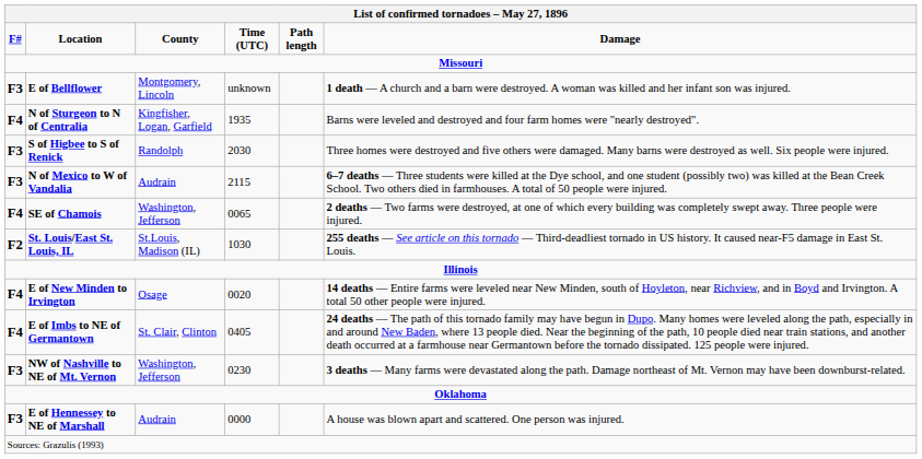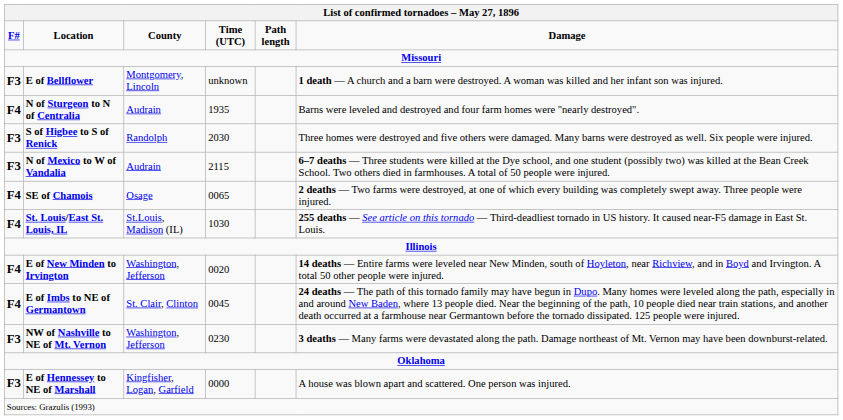 <table class="wikitable toccolours collapsible" style="width:100%;">
 <tr>
 <th colspan="6">List of confirmed tornadoes – May 27, 1896</th>
 </tr>
 <tr style="text-align:center;">
 <td><strong><a href='#'>F#</a></strong></td>
 <td><strong>Location</strong></td>
 <td><strong>County</strong></td>
 <td><strong>Time (UTC)</strong></td>
 <td><strong>Path length</strong></td>
 <td><strong>Damage</strong></td>
 </tr>
 <tr>
 <td colspan="7" style="text-align:center;"><strong><a href='#'>Missouri</a></strong></td>
 </tr>
 <tr>
 <td><big><strong>F3</strong></big></td>
 <td><strong>E of <a href='#'>Bellflower</a></strong></td>
 <td><a href='#'>Montgomery</a>, <a href='#'>Lincoln</a></td>
 <td>unknown</td>
 <td></td>
 <td><strong>1 death</strong> — A church and a barn were destroyed. A woman was killed and her infant son was injured.</td>
 </tr>
 <tr>
 <td><big><strong>F4</strong></big></td>
 <td><strong>N of <a href='#'>Sturgeon</a> to N of <a href='#'>Centralia</a></strong></td>
-<td><a href='#'>Kingfisher</a>, <a href='#'>Logan</a>, <a href='#'>Garfield</a></td>
+<td><a href='#'>Audrain</a></td>
 <td>1935</td>
 <td></td>
 <td>Barns were leveled and destroyed and four farm homes were "nearly destroyed".</td>
 </tr>
 <tr>
 <td><big><strong>F3</strong></big></td>
 <td><strong>S of <a href='#'>Higbee</a> to S of <a href='#'>Renick</a></strong></td>
 <td><a href='#'>Randolph</a></td>
 <td>2030</td>
 <td></td>
 <td>Three homes were destroyed and five others were damaged. Many barns were destroyed as well. Six people were injured.</td>
 </tr>
 <tr>
 <td><big><strong>F3</strong></big></td>
 <td><strong>N of <a href='#'>Mexico</a> to W of <a href='#'>Vandalia</a></strong></td>
 <td><a href='#'>Audrain</a></td>
 <td>2115</td>
 <td></td>
 <td><strong>6–7 deaths</strong> — Three students were killed at the Dye school, and one student (possibly two) was killed at the Bean Creek School. Two others died in farmhouses. A total of 50 people were injured.</td>
 </tr>
 <tr>
 <td><big><strong>F4</strong></big></td>
 <td><strong>SE of <a href='#'>Chamois</a></strong></td>
-<td><a href='#'>Washington</a>, <a href='#'>Jefferson</a></td>
+<td><a href='#'>Osage</a></td>
 <td>0065</td>
 <td></td>
 <td><strong>2 deaths</strong> — Two farms were destroyed, at one of which every building was completely swept away. Three people were injured.</td>
 </tr>
 <tr>
-<td><big><strong>F2</strong></big></td>
+<td><big><strong>F4</strong></big></td>
 <td><strong><a href='#'>St. Louis</a>/<a href='#'>East St. Louis, IL</a></strong></td>
 <td><a href='#'>St.Louis</a>, <a href='#'>Madison</a> (IL)</td>
 <td>1030</td>
 <td></td>
 <td><strong>255 deaths</strong> — <em><a href='#'>See article on this tornado</a></em> — Third-deadliest tornado in US history. It caused near-F5 damage in East St. Louis.</td>
 </tr>
 <tr>
 <td colspan="7" style="text-align:center;"><strong><a href='#'>Illinois</a></strong></td>
 </tr>
 <tr>
 <td><big><strong>F4</strong></big></td>
 <td><strong>E of <a href='#'>New Minden</a> to <a href='#'>Irvington</a></strong></td>
-<td><a href='#'>Osage</a></td>
+<td><a href='#'>Washington</a>, <a href='#'>Jefferson</a></td>
 <td>0020</td>
 <td></td>
 <td><strong>14 deaths</strong> — Entire farms were leveled near New Minden, south of <a href='#'>Hoyleton</a>, near <a href='#'>Richview</a>, and in <a href='#'>Boyd</a> and Irvington. A total 50 other people were injured.</td>
 </tr>
 <tr>
 <td><big><strong>F4</strong></big></td>
 <td><strong>E of <a href='#'>Imbs</a> to NE of <a href='#'>Germantown</a></strong></td>
 <td><a href='#'>St. Clair</a>, <a href='#'>Clinton</a></td>
-<td>0405</td>
+<td>0045</td>
 <td></td>
 <td><strong>24 deaths</strong> — The path of this tornado family may have begun in <a href='#'>Dupo</a>. Many homes were leveled along the path, especially in and around <a href='#'>New Baden</a>, where 13 people died. Near the beginning of the path, 10 people died near train stations, and another death occurred at a farmhouse near Germantown before the tornado dissipated. 125 people were injured.</td>
 </tr>
 <tr>
 <td><big><strong>F3</strong></big></td>
 <td><strong>NW of <a href='#'>Nashville</a> to NE of <a href='#'>Mt. Vernon</a></strong></td>
 <td><a href='#'>Washington</a>, <a href='#'>Jefferson</a></td>
 <td>0230</td>
 <td></td>
 <td><strong>3 deaths</strong> — Many farms were devastated along the path. Damage northeast of Mt. Vernon may have been downburst-related.</td>
 </tr>
 <tr>
 <td colspan="7" style="text-align:center;"><strong><a href='#'>Oklahoma</a></strong></td>
 </tr>
 <tr>
 <td><big><strong>F3</strong></big></td>
 <td><strong>E of <a href='#'>Hennessey</a> to NE of <a href='#'>Marshall</a></strong></td>
-<td><a href='#'>Audrain</a></td>
+<td><a href='#'>Kingfisher</a>, <a href='#'>Logan</a>, <a href='#'>Garfield</a></td>
 <td>0000</td>
 <td></td>
 <td>A house was blown apart and scattered. One person was injured.</td>
 </tr>
 <tr>
 <td colspan="7"><small>Sources: Grazulis (1993)</small></td>
 </tr>
 </table>
